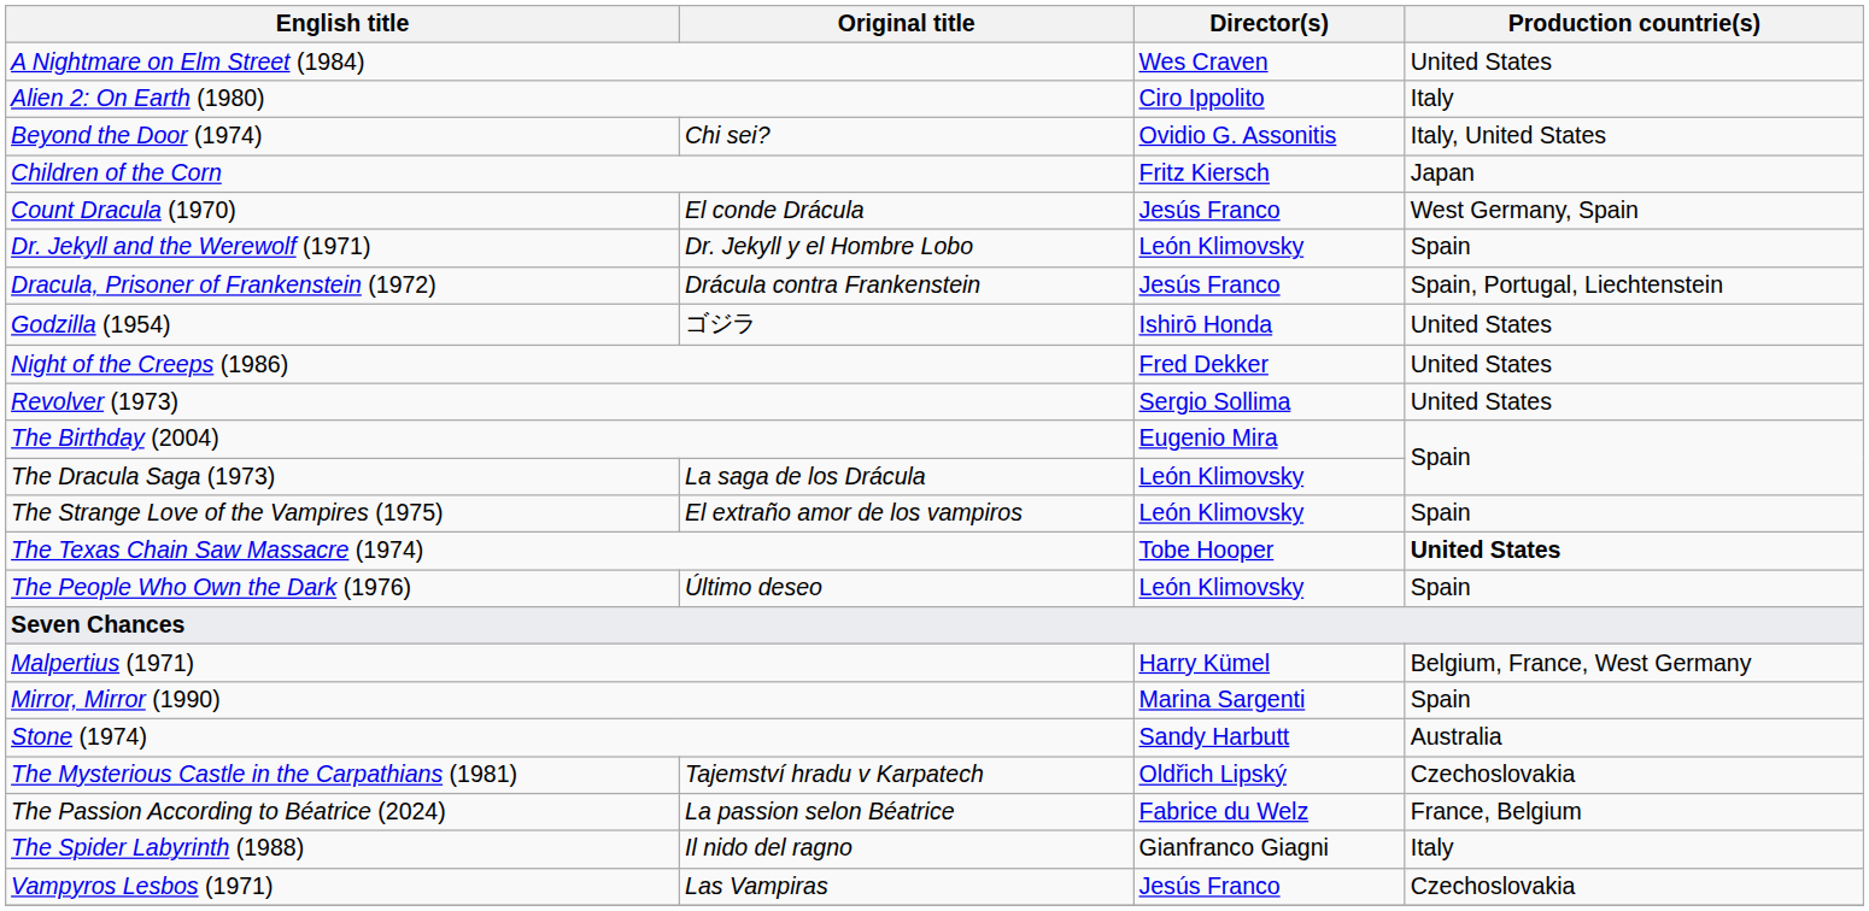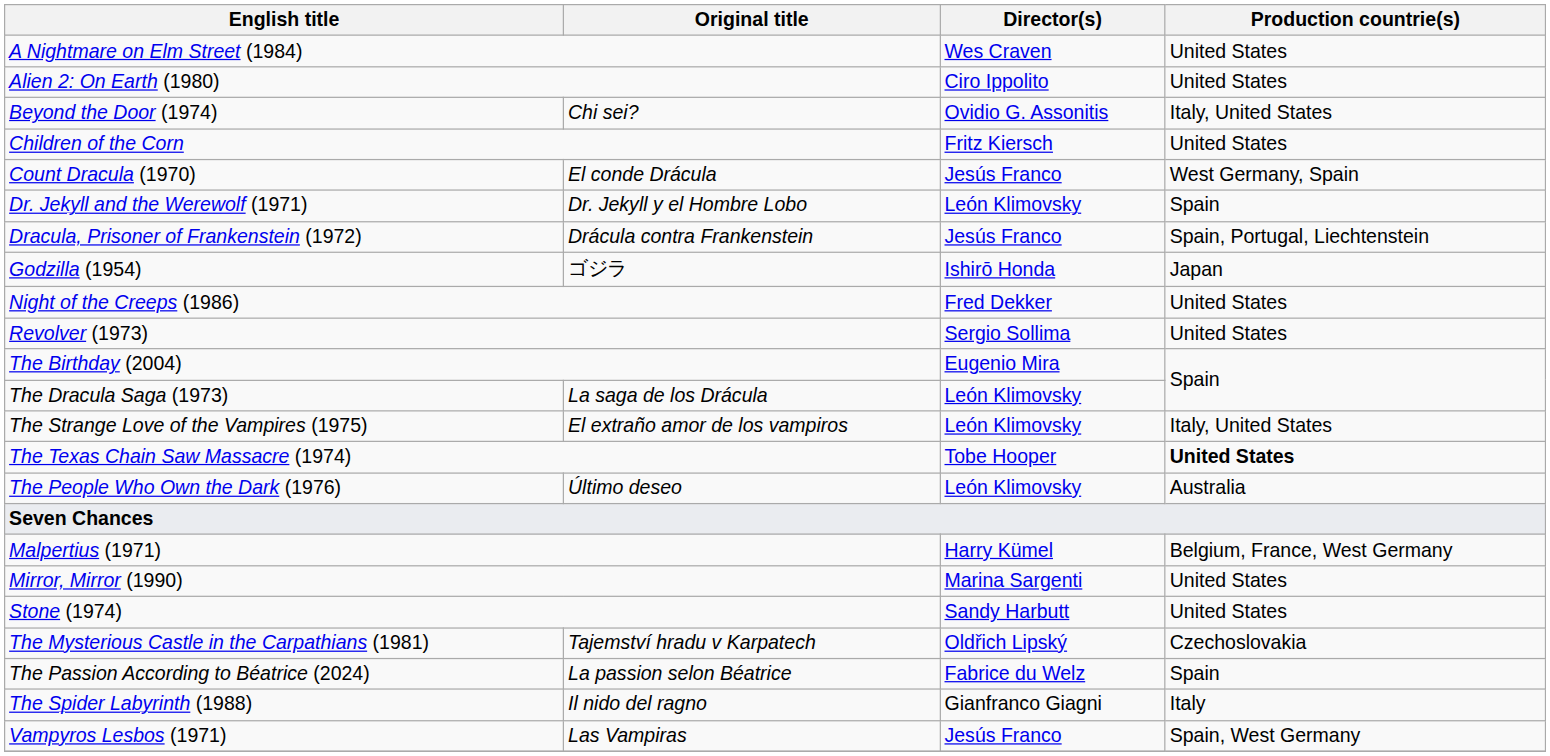 <table class="sortable wikitable" style="width:100%; margin-bottom:4px" cellpadding="5">
 <tr>
 <th scope="col">English title</th>
 <th scope="col">Original title</th>
 <th scope="col">Director(s)</th>
 <th scope="col">Production countrie(s)</th>
 </tr>
 <tr>
 <td colspan="2"><em><a href='#'>A Nightmare on Elm Street</a></em> (1984)</td>
 <td><a href='#'>Wes Craven</a></td>
 <td>United States</td>
 </tr>
 <tr>
 <td colspan="2"><em><a href='#'>Alien 2: On Earth</a></em> (1980)</td>
 <td><a href='#'>Ciro Ippolito</a></td>
-<td>Italy</td>
+<td>United States</td>
 </tr>
 <tr>
 <td><em><a href='#'>Beyond the Door</a></em> (1974)</td>
 <td><em>Chi sei?</em></td>
 <td><a href='#'>Ovidio G. Assonitis</a></td>
 <td>Italy, United States</td>
 </tr>
 <tr>
 <td colspan="2"><em><a href='#'>Children of the Corn</a></em></td>
 <td><a href='#'>Fritz Kiersch</a></td>
-<td>Japan</td>
+<td>United States</td>
 </tr>
 <tr>
 <td><em><a href='#'>Count Dracula</a></em> (1970)</td>
 <td><em>El conde Drácula</em></td>
 <td><a href='#'>Jesús Franco</a></td>
 <td>West Germany, Spain</td>
 </tr>
 <tr>
 <td><em><a href='#'>Dr. Jekyll and the Werewolf</a></em> (1971)</td>
 <td><em>Dr. Jekyll y el Hombre Lobo</em></td>
 <td><a href='#'>León Klimovsky</a></td>
 <td>Spain</td>
 </tr>
 <tr>
 <td><em><a href='#'>Dracula, Prisoner of Frankenstein</a></em> (1972)</td>
 <td><em>Drácula contra Frankenstein</em></td>
 <td><a href='#'>Jesús Franco</a></td>
 <td>Spain, Portugal, Liechtenstein</td>
 </tr>
 <tr>
 <td><em><a href='#'>Godzilla</a></em> (1954)</td>
 <td>ゴジラ</td>
 <td><a href='#'>Ishirō Honda</a></td>
-<td>United States</td>
+<td>Japan</td>
 </tr>
 <tr>
 <td colspan="2"><em><a href='#'>Night of the Creeps</a></em> (1986)</td>
 <td><a href='#'>Fred Dekker</a></td>
 <td>United States</td>
 </tr>
 <tr>
 <td colspan="2"><em><a href='#'>Revolver</a></em> (1973)</td>
 <td><a href='#'>Sergio Sollima</a></td>
 <td>United States</td>
 </tr>
 <tr>
 <td colspan="2"><em><a href='#'>The Birthday</a></em> (2004)</td>
 <td><a href='#'>Eugenio Mira</a></td>
 <td rowspan="2">Spain</td>
 </tr>
 <tr>
 <td><em>The Dracula Saga</em> (1973)</td>
 <td><em>La saga de los Drácula</em></td>
 <td><a href='#'>León Klimovsky</a></td>
 </tr>
 <tr>
 <td><em>The Strange Love of the Vampires</em> (1975)</td>
 <td><em>El extraño amor de los vampiros</em></td>
 <td><a href='#'>León Klimovsky</a></td>
-<td>Spain</td>
+<td>Italy, United States</td>
 </tr>
 <tr>
 <td colspan="2"><em><a href='#'>The Texas Chain Saw Massacre</a></em> (1974)</td>
 <td><a href='#'>Tobe Hooper</a></td>
 <td><strong>United States</strong></td>
 </tr>
 <tr>
 <td><em><a href='#'>The People Who Own the Dark</a></em> (1976)</td>
 <td><em>Último deseo</em></td>
 <td><a href='#'>León Klimovsky</a></td>
-<td>Spain</td>
+<td>Australia</td>
 </tr>
 <tr>
 <td colspan=4 class="center" style="padding-center:120px; background-color:#EAECF0"><strong>Seven Chances</strong></td>
 </tr>
 <tr>
 <td colspan="2"><em><a href='#'>Malpertius</a></em> (1971)</td>
 <td><a href='#'>Harry Kümel</a></td>
 <td>Belgium, France, West Germany</td>
 </tr>
 <tr>
 <td colspan="2"><em><a href='#'>Mirror, Mirror</a></em> (1990)</td>
 <td><a href='#'>Marina Sargenti</a></td>
-<td>Spain</td>
+<td>United States</td>
 </tr>
 <tr>
 <td colspan="2"><em><a href='#'>Stone</a></em> (1974)</td>
 <td><a href='#'>Sandy Harbutt</a></td>
-<td>Australia</td>
+<td>United States</td>
 </tr>
 <tr>
 <td><em><a href='#'>The Mysterious Castle in the Carpathians</a></em> (1981)</td>
 <td><em>Tajemství hradu v Karpatech</em></td>
 <td><a href='#'>Oldřich Lipský</a></td>
 <td>Czechoslovakia</td>
 </tr>
 <tr>
 <td><em>The Passion According to Béatrice</em> (2024)</td>
 <td><em>La passion selon Béatrice</em></td>
 <td><a href='#'>Fabrice du Welz</a></td>
-<td>France, Belgium</td>
+<td>Spain</td>
 </tr>
 <tr>
 <td><em><a href='#'>The Spider Labyrinth</a></em> (1988)</td>
 <td><em>Il nido del ragno</em></td>
 <td>Gianfranco Giagni</td>
 <td>Italy</td>
 </tr>
 <tr>
 <td><em><a href='#'>Vampyros Lesbos</a></em> (1971)</td>
 <td><em>Las Vampiras</em></td>
 <td><a href='#'>Jesús Franco</a></td>
-<td>Czechoslovakia</td>
+<td>Spain, West Germany</td>
 </tr>
 <tr>
 </tr>
 </table>
